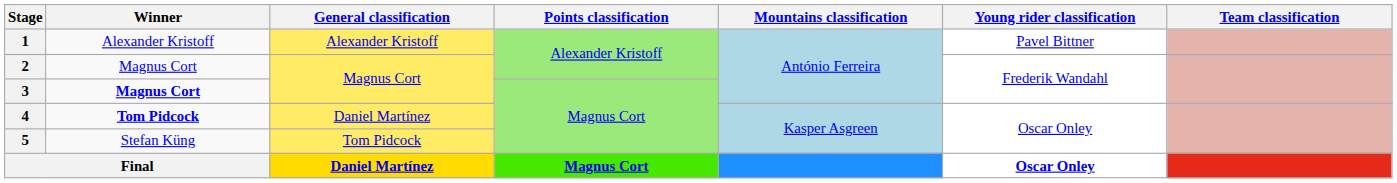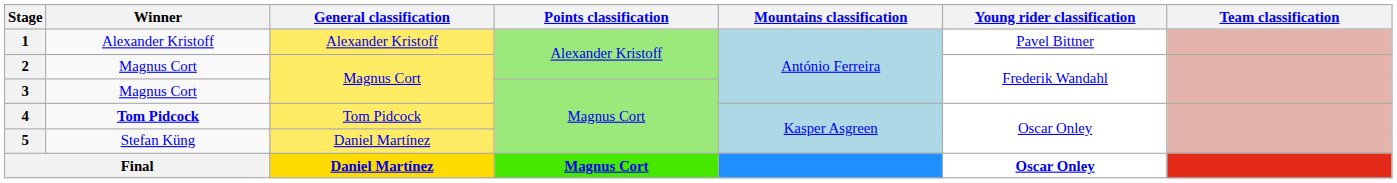 <table class="wikitable" style="text-align: center; font-size:smaller;">
 <tr style="background:#efefef;">
 <th width="1%">Stage</th>
 <th style="width:16.5%;">Winner</th>
 <th style="width:16.5%;"><a href='#'>General classification</a><br></th>
 <th style="width:16.5%;"><a href='#'>Points classification</a><br></th>
 <th style="width:16.5%;"><a href='#'>Mountains classification</a><br></th>
 <th style="width:16.5%;"><a href='#'>Young rider classification</a><br></th>
 <th style="width:16.5%;"><a href='#'>Team classification</a></th>
 </tr>
 <tr>
 <th>1</th>
 <td><a href='#'>Alexander Kristoff</a></td>
 <td style="background:#FFEB64;"><a href='#'>Alexander Kristoff</a></td>
 <td style="background:#9CE97B;"  rowspan="2"><a href='#'>Alexander Kristoff</a></td>
 <td style="background:lightblue;" rowspan="3"><a href='#'>António Ferreira</a></td>
 <td style="background:white;"><a href='#'>Pavel Bittner</a></td>
 <td style="background:#E4B3AB;"></td>
 </tr>
 <tr>
 <th>2</th>
 <td><a href='#'>Magnus Cort</a></td>
 <td style="background:#FFEB64;" rowspan="2"><a href='#'>Magnus Cort</a></td>
 <td style="background:white;" rowspan="2"><a href='#'>Frederik Wandahl</a></td>
 <td style="background:#E4B3AB;" rowspan="2"></td>
 </tr>
 <tr>
 <th>3</th>
-<td><strong><a href='#'>Magnus Cort</a></strong></td>
+<td><a href='#'>Magnus Cort</a></td>
 <td style="background:#9CE97B;" rowspan="3"><a href='#'>Magnus Cort</a></td>
 </tr>
 <tr>
 <th>4</th>
 <td><strong><a href='#'>Tom Pidcock</a></strong></td>
-<td style="background:#FFEB64;"><a href='#'>Daniel Martínez</a></td>
+<td style="background:#FFEB64;"><a href='#'>Tom Pidcock</a></td>
 <td style="background:lightblue;" rowspan="2"><a href='#'>Kasper Asgreen</a></td>
 <td style="background:white;" rowspan="2"><a href='#'>Oscar Onley</a></td>
 <td style="background:#E4B3AB;" rowspan="2"></td>
 </tr>
 <tr>
 <th>5</th>
 <td><a href='#'>Stefan Küng</a></td>
-<td style="background:#FFEB64;"><a href='#'>Tom Pidcock</a></td>
+<td style="background:#FFEB64;"><a href='#'>Daniel Martínez</a></td>
 </tr>
 <tr>
 <th colspan="2">Final</th>
 <th style="background:#FFDB00;"><a href='#'>Daniel Martínez</a></th>
 <th style="background:#46E800;"><a href='#'>Magnus Cort</a></th>
 <th style="background:dodgerblue;"></th>
 <th style="background:white;"><a href='#'>Oscar Onley</a></th>
 <th style="background:#E42A19;"></th>
 </tr>
 </table>
